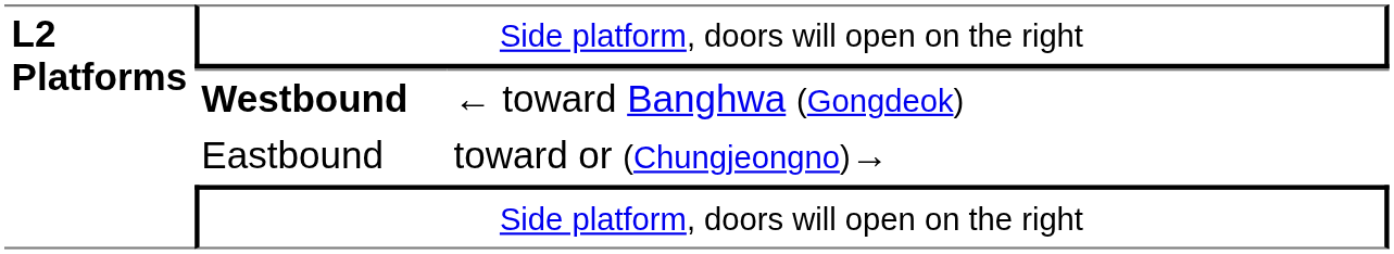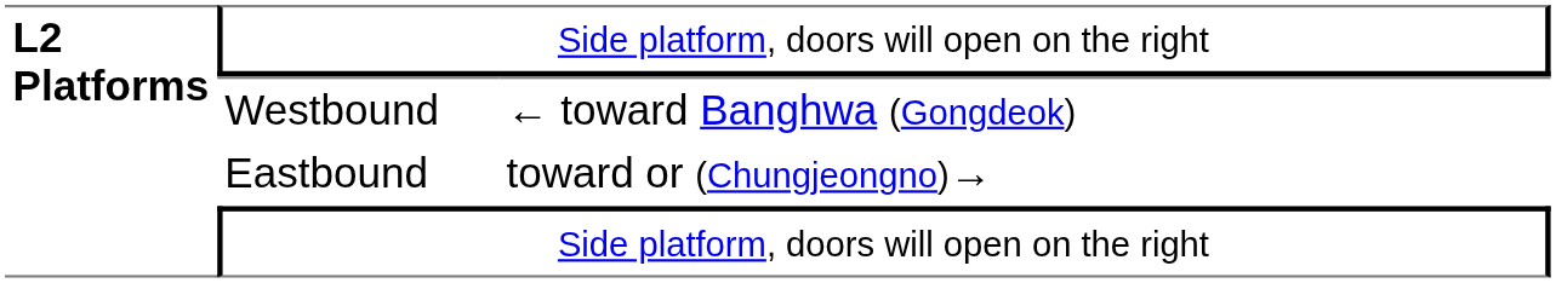 <table table border=0 cellspacing=0 cellpadding=3>
 <tr>
 <td style="border-top:solid 1px gray;border-bottom:solid 1px gray;" width=50 rowspan=10 valign=top><strong>L2<br>Platforms</strong></td>
 <td style="border-top:solid 1px gray;border-right:solid 2px black;border-left:solid 2px black;border-bottom:solid 2px black;text-align:center;" colspan=2><small><a href='#'>Side platform</a>, doors will open on the right</small></td>
 </tr>
 <tr>
-<td style="border-bottom:solid 0px gray;border-top:solid 1px gray;" width=100><strong>Westbound</strong></td>
+<td style="border-bottom:solid 0px gray;border-top:solid 1px gray;" width=100>Westbound</td>
 <td style="border-bottom:solid 0px gray;border-top:solid 1px gray;" width=390>←  toward <a href='#'>Banghwa</a> <small>(<a href='#'>Gongdeok</a>)</small></td>
 </tr>
 <tr>
 <td>Eastbound</td>
 <td>  toward  or  <small>(<a href='#'>Chungjeongno</a>)</small>→</td>
 </tr>
 <tr>
 <td style="border-top:solid 2px black;border-right:solid 2px black;border-left:solid 2px black;border-bottom:solid 1px gray;text-align:center;" colspan=2><small><a href='#'>Side platform</a>, doors will open on the right</small></td>
 </tr>
 </table>
